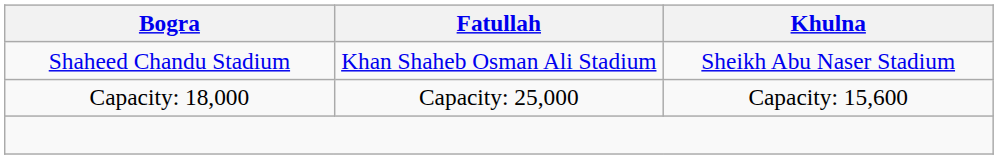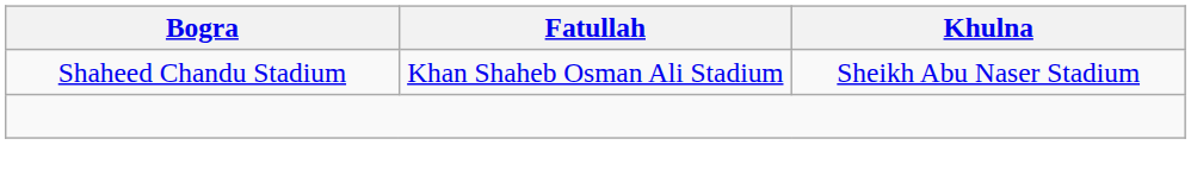 <table class="wikitable" style="text-align:center; display:inline-block; border: 0">
 <tr>
 <th style="width:33%;"><a href='#'>Bogra</a></th>
 <th style="width:33%;"><a href='#'>Fatullah</a></th>
 <th style="width:33%;"><a href='#'>Khulna</a></th>
 </tr>
 <tr>
 <td><a href='#'>Shaheed Chandu Stadium</a></td>
 <td><a href='#'>Khan Shaheb Osman Ali Stadium</a></td>
 <td><a href='#'>Sheikh Abu Naser Stadium</a></td>
 </tr>
 <tr>
-<td>Capacity: 18,000</td>
-<td>Capacity: 25,000</td>
-<td>Capacity: 15,600</td>
-</tr>
-<tr>
 <td colspan=3><br></td>
 </tr>
 </table>
